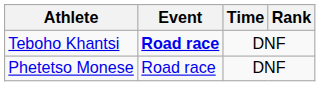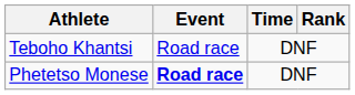 <table class=wikitable style="font-size:90%">
 <tr>
 <th>Athlete</th>
 <th>Event</th>
 <th>Time</th>
 <th>Rank</th>
 </tr>
 <tr align=center>
 <td align=left><a href='#'>Teboho Khantsi</a></td>
-<td align=left><strong><a href='#'>Road race</a></strong></td>
+<td align=left><a href='#'>Road race</a></td>
 <td colspan=2>DNF</td>
 </tr>
 <tr align=center>
 <td align=left><a href='#'>Phetetso Monese</a></td>
-<td align=left><a href='#'>Road race</a></td>
+<td align=left><strong><a href='#'>Road race</a></strong></td>
 <td colspan=2>DNF</td>
 </tr>
 </table>
